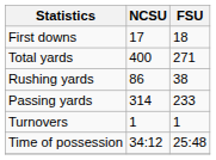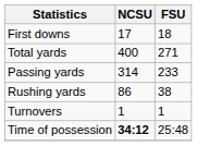 <table class="wikitable">
 <tr>
 <th>Statistics</th>
 <th>NCSU</th>
 <th>FSU</th>
 </tr>
 <tr>
 <td>First downs</td>
 <td>17</td>
 <td>18</td>
 </tr>
 <tr>
 <td>Total yards</td>
 <td>400</td>
 <td>271</td>
 </tr>
 <tr>
+<td>Passing yards</td>
+<td>314</td>
+<td>233</td>
+</tr>
+<tr>
 <td>Rushing yards</td>
 <td>86</td>
 <td>38</td>
-</tr>
-<tr>
-<td>Passing yards</td>
-<td>314</td>
-<td>233</td>
 </tr>
 <tr>
 <td>Turnovers</td>
 <td>1</td>
 <td>1</td>
 </tr>
 <tr>
 <td>Time of possession</td>
-<td>34:12</td>
+<td><strong>34:12</strong></td>
 <td>25:48</td>
 </tr>
 <tr>
 </tr>
 </table>
